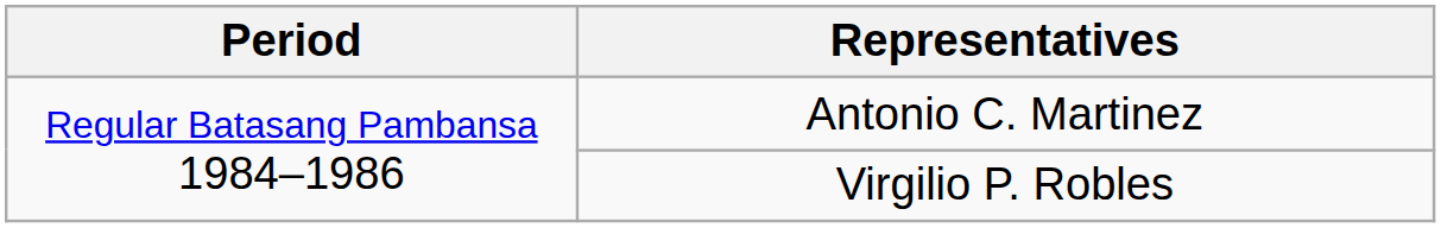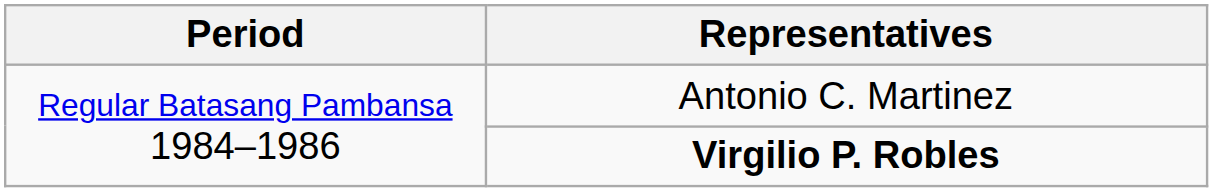 <table class="wikitable" style="text-align:center; width:40%;">
 <tr>
 <th width="40%">Period</th>
 <th>Representatives</th>
 </tr>
 <tr>
 <td rowspan="2"><small><a href='#'>Regular Batasang Pambansa</a></small><br>1984–1986</td>
 <td>Antonio C. Martinez</td>
 </tr>
 <tr>
-<td>Virgilio P. Robles</td>
+<td><strong>Virgilio P. Robles</strong></td>
 </tr>
 </table>
